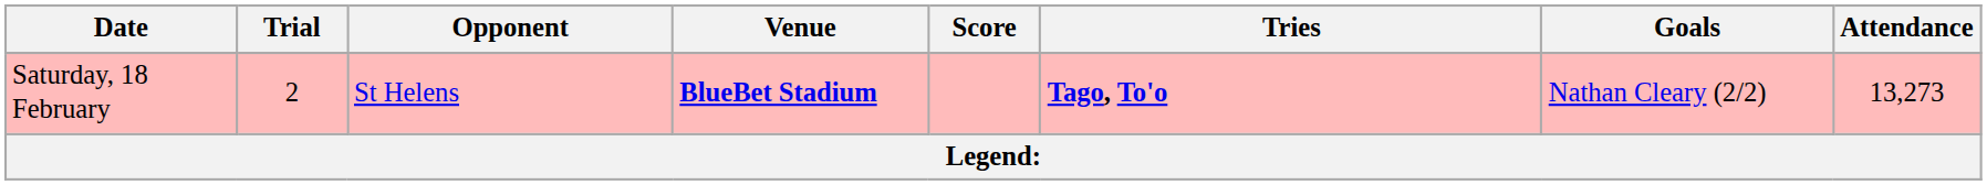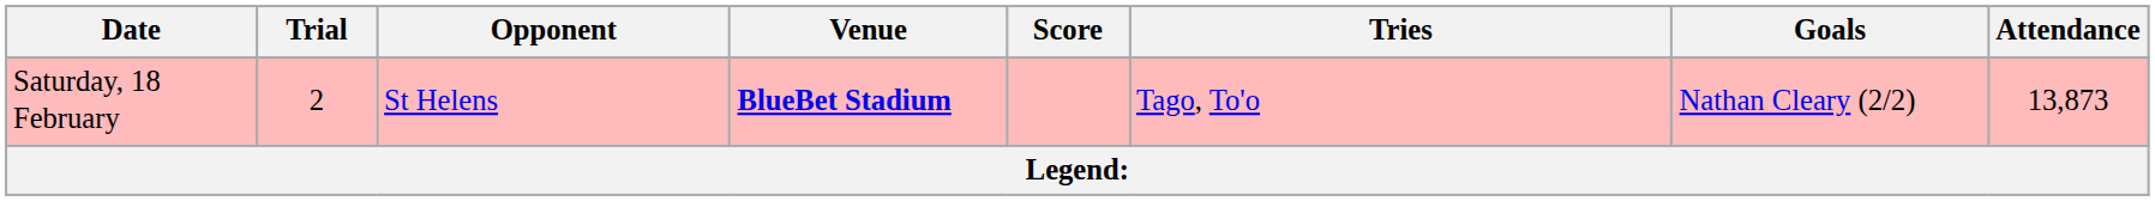 <table style="font-size:75%;" class="wikitable">
 <tr>
 <th style="width:115px;">Date</th>
 <th style="width:50px;">Trial</th>
 <th style="width:170px;">Opponent</th>
 <th style="width:130px;">Venue</th>
 <th style="width:50px;">Score</th>
 <th style="width:285px;">Tries</th>
 <th style="width:155px;">Goals</th>
 <th style="width:60px;">Attendance</th>
 </tr>
 <tr style="background: #FFBBBB">
 <td>Saturday, 18 February</td>
 <td style="text-align:center;">2</td>
 <td> <a href='#'>St Helens</a></td>
 <td><strong><a href='#'>BlueBet Stadium</a></strong></td>
 <td style="text-align:center;"></td>
-<td><strong><a href='#'>Tago</a>, <a href='#'>To'o</a></strong></td>
+<td><a href='#'>Tago</a>, <a href='#'>To'o</a></td>
 <td><a href='#'>Nathan Cleary</a> (2/2)</td>
-<td style="text-align:center;">13,273</td>
+<td style="text-align:center;">13,873</td>
 </tr>
 <tr>
 <th colspan="8"><strong>Legend</strong>:   </th>
 </tr>
 </table>
